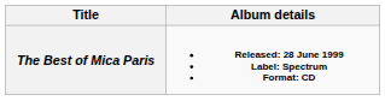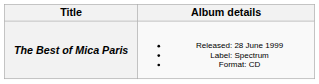 <table class="wikitable plainrowheaders" style="text-align:center;" border="1">
 <tr>
 <th scope="col" style="width:12em;">Title</th>
 <th scope="col" style="width:16em;">Album details</th>
 </tr>
 <tr>
 <th scope="row"><em>The Best of Mica Paris</em></th>
-<td style="font-size:12px;"><strong><br><ul><li>Released: 28 June 1999</li><li>Label: Spectrum</li><li>Format: CD</li></ul></strong></td>
+<td style="font-size:12px;"><br><ul><li>Released: 28 June 1999</li><li>Label: Spectrum</li><li>Format: CD</li></ul></td>
 </tr>
 </table>
